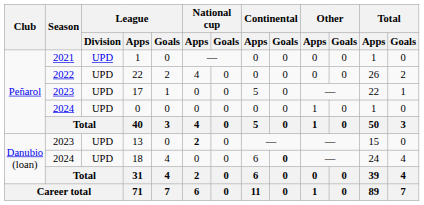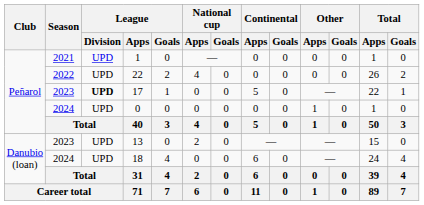 <table class="wikitable" Style="text-align: center">
 <tr>
 <th rowspan="2">Club</th>
 <th rowspan="2">Season</th>
 <th colspan="3">League</th>
 <th colspan="2">National cup</th>
 <th colspan="2">Continental</th>
 <th colspan="2">Other</th>
 <th colspan="2">Total</th>
 </tr>
 <tr>
 <th>Division</th>
 <th>Apps</th>
 <th>Goals</th>
 <th>Apps</th>
 <th>Goals</th>
 <th>Apps</th>
 <th>Goals</th>
 <th>Apps</th>
 <th>Goals</th>
 <th>Apps</th>
 <th>Goals</th>
 </tr>
 <tr>
 <td rowspan="5"><a href='#'>Peñarol</a></td>
 <td><a href='#'>2021</a></td>
 <td><a href='#'>UPD</a></td>
 <td>1</td>
 <td>0</td>
 <td colspan="2">—</td>
 <td>0</td>
 <td>0</td>
 <td>0</td>
 <td>0</td>
 <td>1</td>
 <td>0</td>
 </tr>
 <tr>
 <td><a href='#'>2022</a></td>
 <td>UPD</td>
 <td>22</td>
 <td>2</td>
 <td>4</td>
 <td>0</td>
 <td>0</td>
 <td>0</td>
 <td>0</td>
 <td>0</td>
 <td>26</td>
 <td>2</td>
 </tr>
 <tr>
 <td><a href='#'>2023</a></td>
-<td>UPD</td>
+<td><strong>UPD</strong></td>
 <td>17</td>
 <td>1</td>
 <td>0</td>
 <td>0</td>
 <td>5</td>
 <td>0</td>
 <td colspan="2">—</td>
 <td>22</td>
 <td>1</td>
 </tr>
 <tr>
 <td><a href='#'>2024</a></td>
 <td>UPD</td>
 <td>0</td>
 <td>0</td>
 <td>0</td>
 <td>0</td>
 <td>0</td>
 <td>0</td>
 <td>1</td>
 <td>0</td>
 <td>1</td>
 <td>0</td>
 </tr>
 <tr>
 <th colspan="2">Total</th>
 <th>40</th>
 <th>3</th>
 <th>4</th>
 <th>0</th>
 <th>5</th>
 <th>0</th>
 <th>1</th>
 <th>0</th>
 <th>50</th>
 <th>3</th>
 </tr>
 <tr>
 <td rowspan="3"><a href='#'>Danubio</a> (loan)</td>
 <td>2023</td>
 <td>UPD</td>
 <td>13</td>
 <td>0</td>
-<td><strong>2</strong></td>
+<td>2</td>
 <td>0</td>
 <td colspan="2">—</td>
 <td colspan="2">—</td>
 <td>15</td>
 <td>0</td>
 </tr>
 <tr>
 <td>2024</td>
 <td>UPD</td>
 <td>18</td>
 <td>4</td>
 <td>0</td>
 <td>0</td>
 <td>6</td>
-<td><strong>0</strong></td>
+<td>0</td>
 <td colspan="2">—</td>
 <td>24</td>
 <td>4</td>
 </tr>
 <tr>
 <th colspan="2">Total</th>
 <th>31</th>
 <th>4</th>
 <th>2</th>
 <th>0</th>
 <th>6</th>
 <th>0</th>
 <th>0</th>
 <th>0</th>
 <th>39</th>
 <th>4</th>
 </tr>
 <tr>
 <th colspan="3">Career total</th>
 <th>71</th>
 <th>7</th>
 <th>6</th>
 <th>0</th>
 <th>11</th>
 <th>0</th>
 <th>1</th>
 <th>0</th>
 <th>89</th>
 <th>7</th>
 </tr>
 </table>
